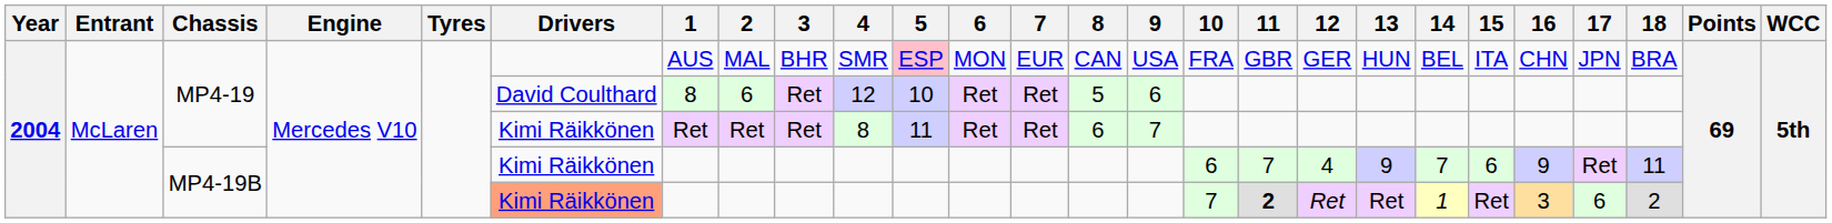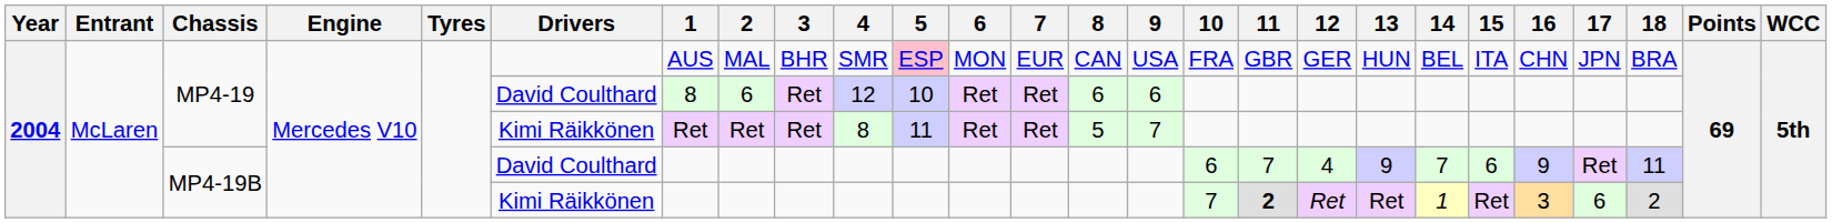 <table class="wikitable" style="text-align:center; font-size:95%">
 <tr>
 <th>Year</th>
 <th>Entrant</th>
 <th>Chassis</th>
 <th>Engine</th>
 <th>Tyres</th>
 <th>Drivers</th>
 <th>1</th>
 <th>2</th>
 <th>3</th>
 <th>4</th>
 <th>5</th>
 <th>6</th>
 <th>7</th>
 <th>8</th>
 <th>9</th>
 <th>10</th>
 <th>11</th>
 <th>12</th>
 <th>13</th>
 <th>14</th>
 <th>15</th>
 <th>16</th>
 <th>17</th>
 <th>18</th>
 <th>Points</th>
 <th>WCC</th>
 </tr>
 <tr>
 <th rowspan="5"><a href='#'>2004</a></th>
 <td rowspan="5"><a href='#'>McLaren</a></td>
 <td rowspan="3">MP4-19</td>
 <td rowspan="5"><a href='#'>Mercedes</a> <a href='#'>V10</a></td>
 <td rowspan="5"></td>
 <td></td>
 <td><a href='#'>AUS</a></td>
 <td><a href='#'>MAL</a></td>
 <td><a href='#'>BHR</a></td>
 <td><a href='#'>SMR</a></td>
 <td style="background: pink;"><a href='#'>ESP</a></td>
 <td><a href='#'>MON</a></td>
 <td><a href='#'>EUR</a></td>
 <td><a href='#'>CAN</a></td>
 <td><a href='#'>USA</a></td>
 <td><a href='#'>FRA</a></td>
 <td><a href='#'>GBR</a></td>
 <td><a href='#'>GER</a></td>
 <td><a href='#'>HUN</a></td>
 <td><a href='#'>BEL</a></td>
 <td><a href='#'>ITA</a></td>
 <td><a href='#'>CHN</a></td>
 <td><a href='#'>JPN</a></td>
 <td><a href='#'>BRA</a></td>
 <th rowspan="5">69</th>
 <th rowspan="5">5th</th>
 </tr>
 <tr>
 <td> <a href='#'>David Coulthard</a></td>
 <td style="background:#dfffdf;">8</td>
 <td style="background:#dfffdf;">6</td>
 <td style="background:#efcfff;">Ret</td>
 <td style="background:#cfcfff;">12</td>
 <td style="background:#cfcfff;">10</td>
 <td style="background:#efcfff;">Ret</td>
 <td style="background:#efcfff;">Ret</td>
-<td style="background:#dfffdf;">5</td>
+<td style="background:#dfffdf;">6</td>
 <td style="background:#dfffdf;">6</td>
 <td></td>
 <td></td>
 <td></td>
 <td></td>
 <td></td>
 <td></td>
 <td></td>
 <td></td>
 <td></td>
 </tr>
 <tr>
 <td> <a href='#'>Kimi Räikkönen</a></td>
 <td style="background:#efcfff;">Ret</td>
 <td style="background:#efcfff;">Ret</td>
 <td style="background:#efcfff;">Ret</td>
 <td style="background:#dfffdf;">8</td>
 <td style="background:#cfcfff;">11</td>
 <td style="background:#efcfff;">Ret</td>
 <td style="background:#efcfff;">Ret</td>
-<td style="background:#dfffdf;">6</td>
+<td style="background:#dfffdf;">5</td>
 <td style="background:#dfffdf;">7</td>
 <td></td>
 <td></td>
 <td></td>
 <td></td>
 <td></td>
 <td></td>
 <td></td>
 <td></td>
 <td></td>
 </tr>
 <tr>
 <td rowspan="2">MP4-19B</td>
-<td> <a href='#'>Kimi Räikkönen</a></td>
+<td> <a href='#'>David Coulthard</a></td>
 <td></td>
 <td></td>
 <td></td>
 <td></td>
 <td></td>
 <td></td>
 <td></td>
 <td></td>
 <td></td>
 <td style="background:#dfffdf;">6</td>
 <td style="background:#dfffdf;">7</td>
 <td style="background:#dfffdf;">4</td>
 <td style="background:#cfcfff;">9</td>
 <td style="background:#dfffdf;">7</td>
 <td style="background:#dfffdf;">6</td>
 <td style="background:#cfcfff;">9</td>
 <td style="background:#efcfff;">Ret</td>
 <td style="background:#cfcfff;">11</td>
 </tr>
 <tr>
-<td style="background: lightsalmon;"> <a href='#'>Kimi Räikkönen</a></td>
+<td> <a href='#'>Kimi Räikkönen</a></td>
 <td></td>
 <td></td>
 <td></td>
 <td></td>
 <td></td>
 <td></td>
 <td></td>
 <td></td>
 <td></td>
 <td style="background:#dfffdf;">7</td>
 <td style="background:#dfdfdf;"><strong>2</strong></td>
 <td style="background:#efcfff;"><em>Ret</em></td>
 <td style="background:#efcfff;">Ret</td>
 <td style="background:#ffffbf;"><em>1</em></td>
 <td style="background:#efcfff;">Ret</td>
 <td style="background:#ffdf9f;">3</td>
 <td style="background:#dfffdf;">6</td>
 <td style="background:#dfdfdf;">2</td>
 </tr>
 </table>
